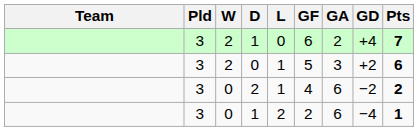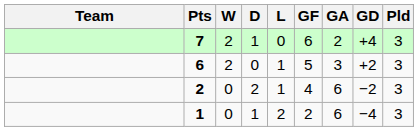 <table class="wikitable" style="text-align:center;">
 <tr>
 <th width=180>Team</th>
-<th width=20>Pld</th>
+<th width=20>Pts</th>
 <th width=20>W</th>
 <th width=20>D</th>
 <th width=20>L</th>
 <th width=20>GF</th>
 <th width=20>GA</th>
 <th width=20>GD</th>
-<th width=20>Pts</th>
+<th width=20>Pld</th>
 </tr>
 <tr bgcolor="ccffcc">
 <td align="left"></td>
-<td>3</td>
+<td><strong>7</strong></td>
 <td>2</td>
 <td>1</td>
 <td>0</td>
 <td>6</td>
 <td>2</td>
 <td>+4</td>
-<td><strong>7</strong></td>
+<td>3</td>
 </tr>
 <tr>
 <td align="left"></td>
-<td>3</td>
+<td><strong>6</strong></td>
 <td>2</td>
 <td>0</td>
 <td>1</td>
 <td>5</td>
 <td>3</td>
 <td>+2</td>
-<td><strong>6</strong></td>
+<td>3</td>
 </tr>
 <tr>
 <td align="left"></td>
-<td>3</td>
+<td><strong>2</strong></td>
 <td>0</td>
 <td>2</td>
 <td>1</td>
 <td>4</td>
 <td>6</td>
 <td>−2</td>
-<td><strong>2</strong></td>
+<td>3</td>
 </tr>
 <tr>
 <td align="left"></td>
-<td>3</td>
+<td><strong>1</strong></td>
 <td>0</td>
 <td>1</td>
 <td>2</td>
 <td>2</td>
 <td>6</td>
 <td>−4</td>
-<td><strong>1</strong></td>
+<td>3</td>
 </tr>
 </table>
